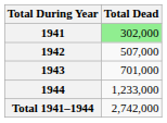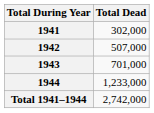 <table class="wikitable"  style="text-align: right;">
 <tr>
 <th>Total During Year</th>
 <th>Total Dead</th>
 </tr>
 <tr>
 <th>1941</th>
-<td style="background: lightgreen;">302,000</td>
+<td>302,000</td>
 </tr>
 <tr>
 <th>1942</th>
 <td>507,000</td>
 </tr>
 <tr>
 <th>1943</th>
 <td>701,000</td>
 </tr>
 <tr>
 <th>1944</th>
 <td>1,233,000</td>
 </tr>
 <tr>
 <th>Total 1941–1944</th>
 <td>2,742,000</td>
 </tr>
 </table>
